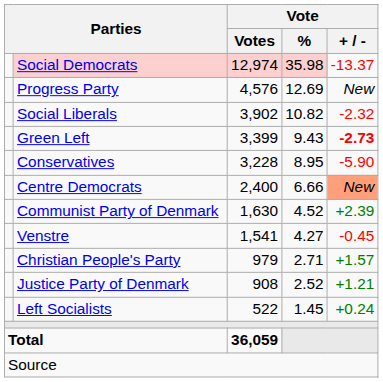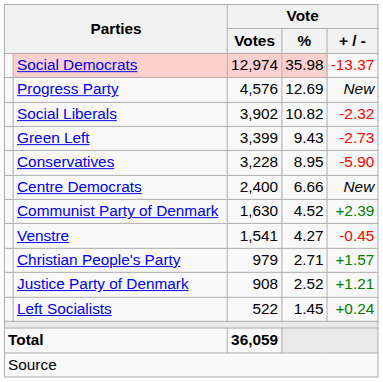 <table class="wikitable" style="text-align:right;">
 <tr>
 <th style="text-align:centre;" rowspan="2" colspan="2" width="225">Parties</th>
 <th colspan="3">Vote</th>
 </tr>
 <tr>
 <th width="15">Votes</th>
 <th width="15">%</th>
 <th width="15">+ / -</th>
 </tr>
 <tr>
 <td width="2" style="color:inherit;background:"></td>
 <td bgcolor=#fbd0ce  align="left"><a href='#'>Social Democrats</a></td>
 <td bgcolor=#fbd0ce>12,974</td>
 <td bgcolor=#fbd0ce>35.98</td>
 <td style=color:red;>-13.37</td>
 </tr>
 <tr>
 <td width="2" style="color:inherit;background:"></td>
 <td align="left"><a href='#'>Progress Party</a></td>
 <td>4,576</td>
 <td>12.69</td>
 <td><em>New</em></td>
 </tr>
 <tr>
 <td width="2" style="color:inherit;background:"></td>
 <td align="left"><a href='#'>Social Liberals</a></td>
 <td>3,902</td>
 <td>10.82</td>
 <td style=color:red;>-2.32</td>
 </tr>
 <tr>
 <td width="2" style="color:inherit;background:"></td>
 <td align="left"><a href='#'>Green Left</a></td>
 <td>3,399</td>
 <td>9.43</td>
-<td style=color:red;><strong>-2.73</strong></td>
+<td style=color:red;>-2.73</td>
 </tr>
 <tr>
 <td width="2" style="color:inherit;background:"></td>
 <td align="left"><a href='#'>Conservatives</a></td>
 <td>3,228</td>
 <td>8.95</td>
 <td style=color:red;>-5.90</td>
 </tr>
 <tr>
 <td width="2" style="color:inherit;background:"></td>
 <td align="left"><a href='#'>Centre Democrats</a></td>
 <td>2,400</td>
 <td>6.66</td>
-<td style="background: lightsalmon;"><em>New</em></td>
+<td><em>New</em></td>
 </tr>
 <tr>
 <td width="2" style="color:inherit;background:"></td>
 <td align="left"><a href='#'>Communist Party of Denmark</a></td>
 <td>1,630</td>
 <td>4.52</td>
 <td style=color:green;>+2.39</td>
 </tr>
 <tr>
 <td width="2" style="color:inherit;background:"></td>
 <td align="left"><a href='#'>Venstre</a></td>
 <td>1,541</td>
 <td>4.27</td>
 <td style=color:red;>-0.45</td>
 </tr>
 <tr>
 <td width="2" style="color:inherit;background:"></td>
 <td align="left"><a href='#'>Christian People's Party</a></td>
 <td>979</td>
 <td>2.71</td>
 <td style=color:green;>+1.57</td>
 </tr>
 <tr>
 <td width="2" style="color:inherit;background:"></td>
 <td align="left"><a href='#'>Justice Party of Denmark</a></td>
 <td>908</td>
 <td>2.52</td>
 <td style=color:green;>+1.21</td>
 </tr>
 <tr>
 <td width="2" style="color:inherit;background:"></td>
 <td align="left"><a href='#'>Left Socialists</a></td>
 <td>522</td>
 <td>1.45</td>
 <td style=color:green;>+0.24</td>
 </tr>
 <tr>
 <td colspan="7" bgcolor="#E9E9E9"></td>
 </tr>
 <tr>
 <td align="left" colspan="2"><strong>Total</strong></td>
 <td><strong>36,059</strong></td>
 <td bgcolor="#E9E9E9" colspan="2"></td>
 </tr>
 <tr>
 <td align="left" colspan="6">Source</td>
 </tr>
 </table>
